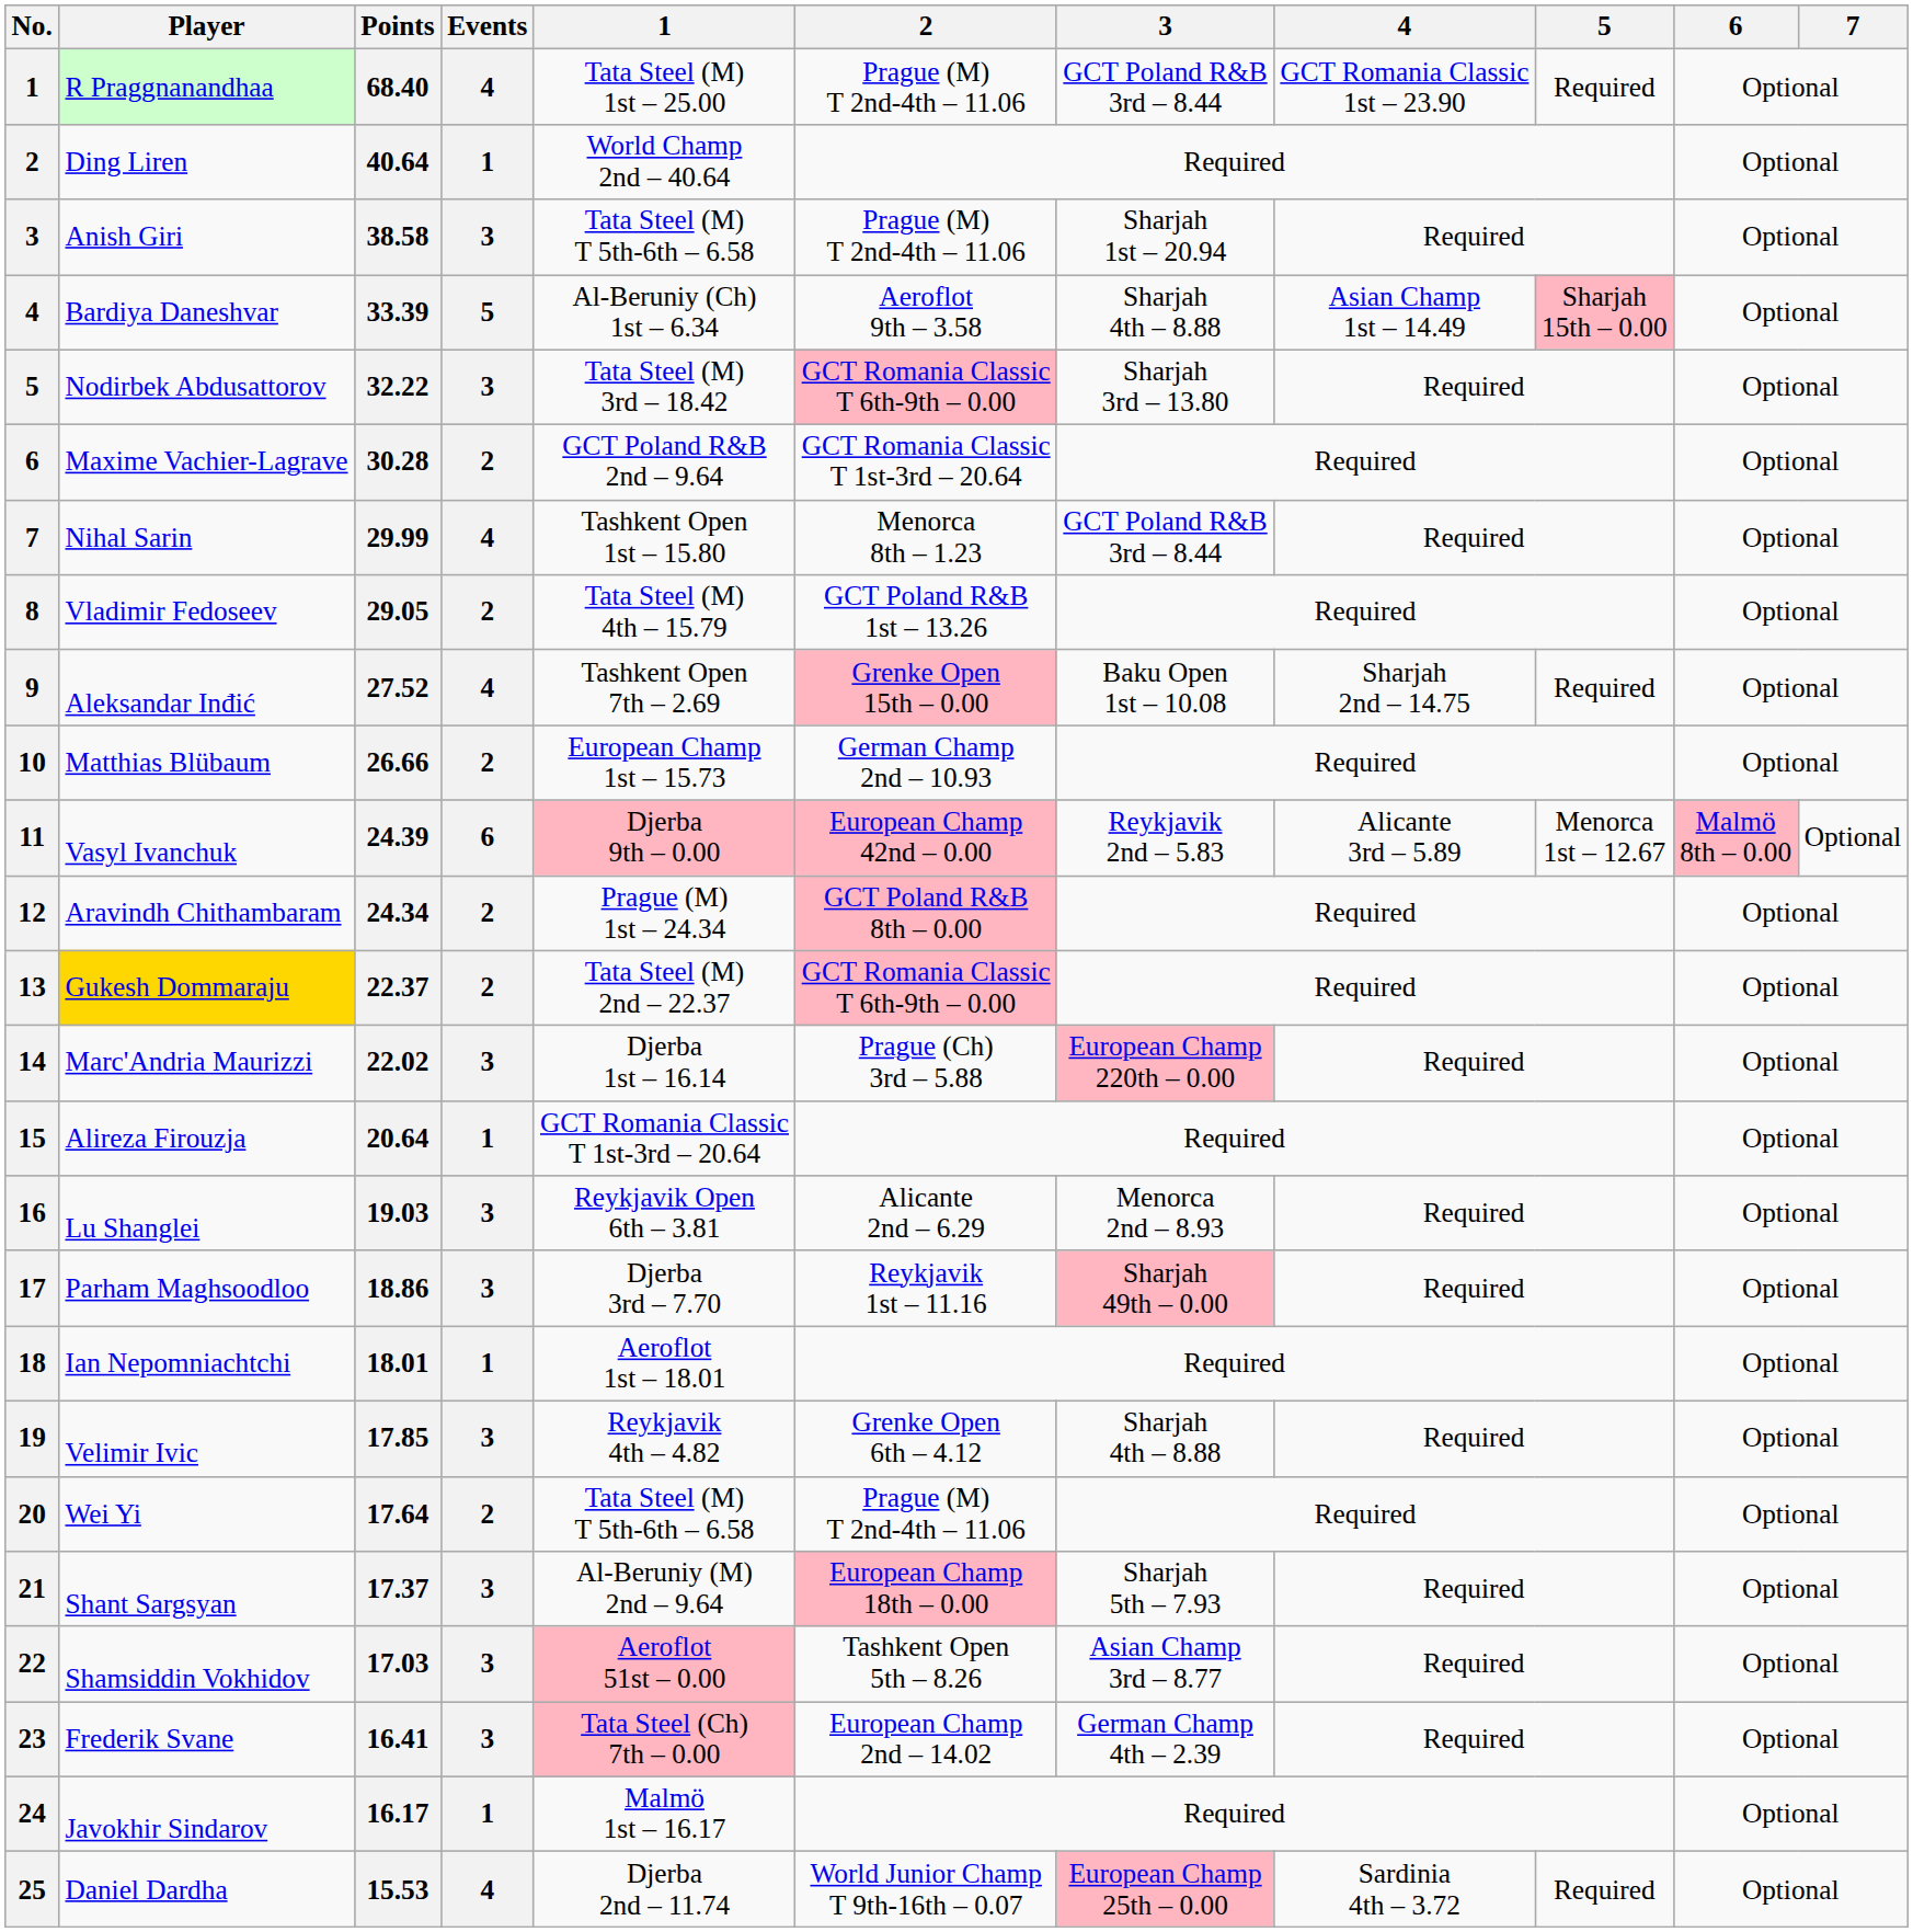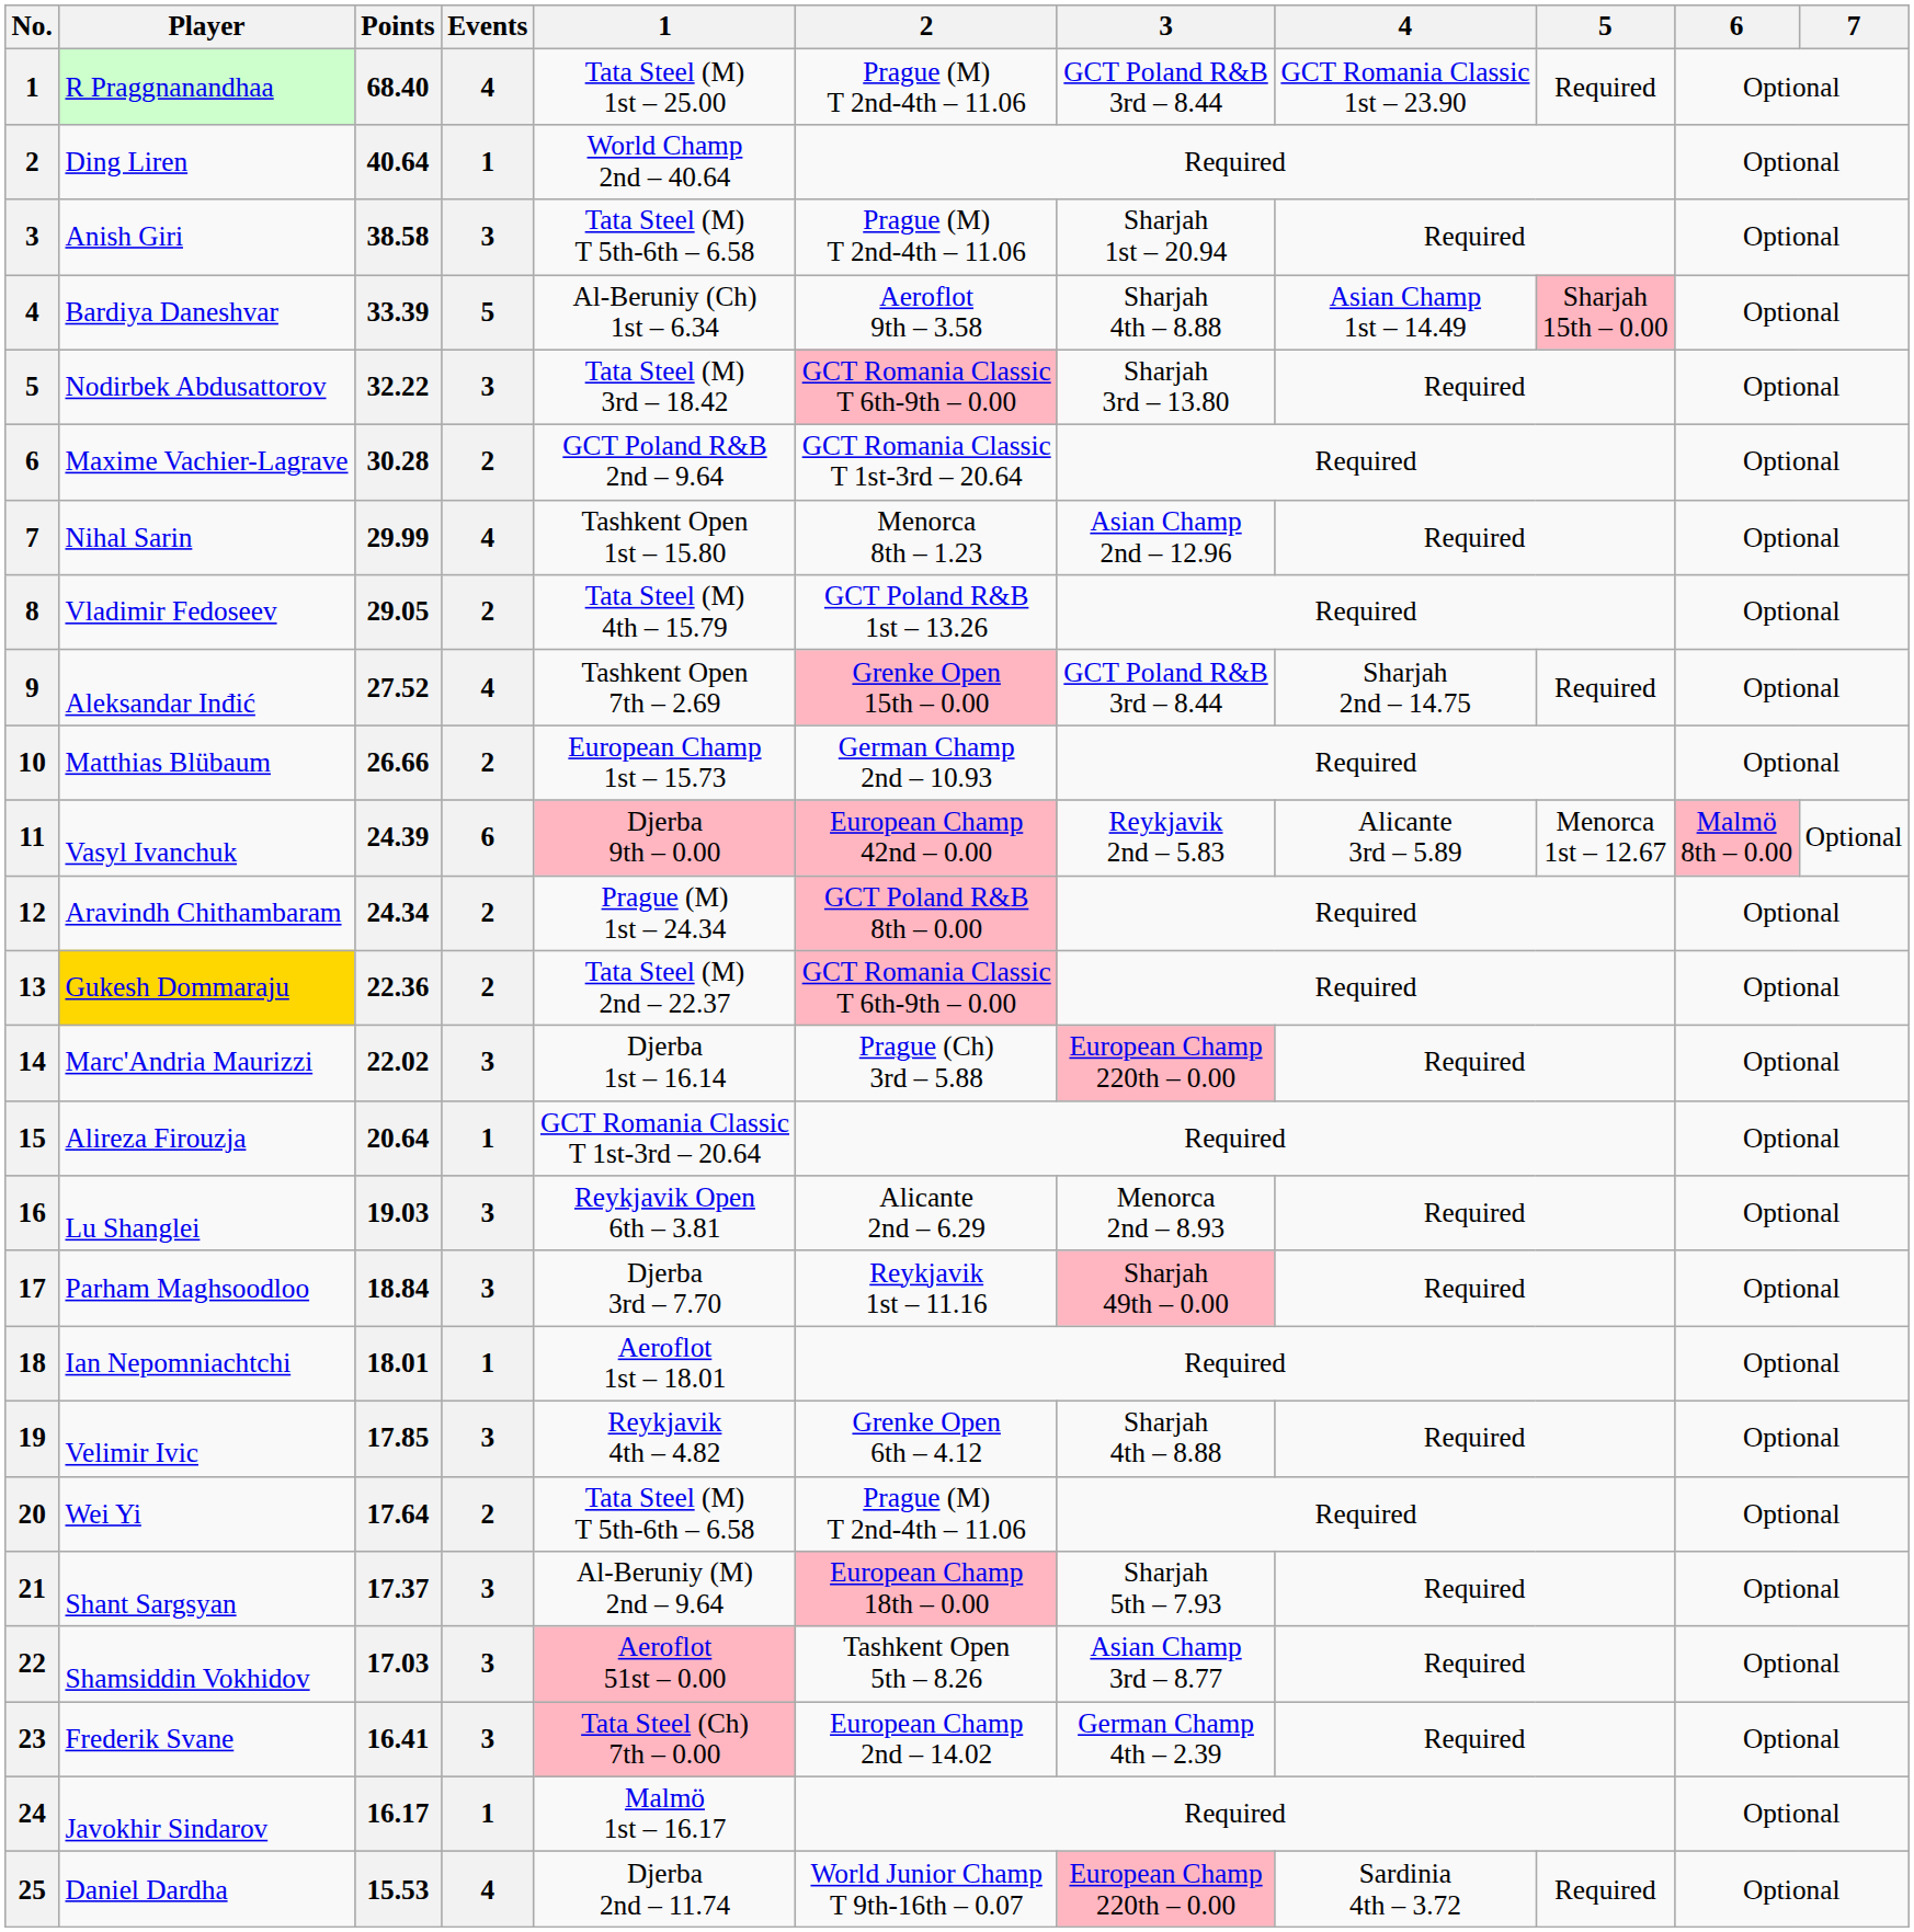 <table class="wikitable" style="text-align:center">
 <tr>
 <th>No.</th>
 <th>Player</th>
 <th>Points</th>
 <th>Events</th>
 <th>1</th>
 <th>2</th>
 <th>3</th>
 <th>4</th>
 <th>5</th>
 <th>6</th>
 <th>7</th>
 </tr>
 <tr>
 <th>1</th>
 <td style="text-align:left;background:#ccffcc"> <a href='#'>R Praggnanandhaa</a></td>
 <th>68.40</th>
 <th>4</th>
 <td> <a href='#'>Tata Steel</a> (M)<br><span>1st – 25.00</span></td>
 <td> <a href='#'>Prague</a> (M)<br><span>T 2nd-4th – 11.06 <br></span></td>
 <td> <a href='#'>GCT Poland R&B</a> <br><span>3rd – 8.44 <br></span></td>
 <td> <a href='#'>GCT Romania Classic</a> <br><span>1st – 23.90 <br></span></td>
 <td colspan="1">Required</td>
 <td colspan="2">Optional</td>
 </tr>
 <tr>
 <th>2</th>
 <td style="text-align:left;"> <a href='#'>Ding Liren</a></td>
 <th>40.64</th>
 <th>1</th>
 <td> <a href='#'>World Champ</a><br><span>2nd – 40.64</span></td>
 <td colspan="4">Required</td>
 <td colspan="2">Optional</td>
 </tr>
 <tr>
 <th>3</th>
 <td style="text-align:left"> <a href='#'>Anish Giri</a></td>
 <th>38.58</th>
 <th>3</th>
 <td> <a href='#'>Tata Steel</a> (M)<br><span>T 5th-6th – 6.58<br></span></td>
 <td> <a href='#'>Prague</a> (M)<br><span>T 2nd-4th – 11.06<br></span></td>
 <td> Sharjah <br><span>1st – 20.94<br></span></td>
 <td colspan="2">Required</td>
 <td colspan="2">Optional</td>
 </tr>
 <tr>
 <th>4</th>
 <td style="text-align:left"> <a href='#'>Bardiya Daneshvar</a></td>
 <th>33.39</th>
 <th>5</th>
 <td> Al-Beruniy (Ch)<br><span>1st – 6.34</span></td>
 <td> <a href='#'>Aeroflot</a><br><span>9th – 3.58</span></td>
 <td> Sharjah <br><span>4th – 8.88<br></span></td>
 <td> <a href='#'>Asian Champ</a><br><span>1st – 14.49<br></span></td>
 <td style="background:#ffb6c1"> Sharjah <br><span>15th – 0.00<br></span></td>
 <td colspan="2">Optional</td>
 </tr>
 <tr>
 <th>5</th>
 <td style="text-align:left"> <a href='#'>Nodirbek Abdusattorov</a></td>
 <th>32.22</th>
 <th>3</th>
 <td> <a href='#'>Tata Steel</a> (M)<br><span>3rd – 18.42</span></td>
 <td style="background:#ffb6c1"> <a href='#'>GCT Romania Classic</a> <br><span>T 6th-9th – 0.00<br></span></td>
 <td> Sharjah <br><span>3rd – 13.80<br></span></td>
 <td colspan="2">Required</td>
 <td colspan="2">Optional</td>
 </tr>
 <tr>
 <th>6</th>
 <td style="text-align:left"> <a href='#'>Maxime Vachier-Lagrave</a></td>
 <th>30.28</th>
 <th>2</th>
 <td> <a href='#'>GCT Poland R&B</a> <br><span>2nd – 9.64 <br></span></td>
 <td> <a href='#'>GCT Romania Classic</a> <br><span>T 1st-3rd – 20.64 <br></span></td>
 <td colspan="3">Required</td>
 <td colspan="2">Optional</td>
 </tr>
 <tr>
 <th>7</th>
 <td style="text-align:left"> <a href='#'>Nihal Sarin</a></td>
 <th>29.99</th>
 <th>4</th>
 <td> Tashkent Open <br><span>1st – 15.80</span></td>
 <td> Menorca<br><span>8th – 1.23</span></td>
-<td> <a href='#'>GCT Poland R&B</a> <br><span>3rd – 8.44 <br></span></td>
+<td> <a href='#'>Asian Champ</a><br><span>2nd – 12.96<br></span></td>
 <td colspan="2">Required</td>
 <td colspan="2">Optional</td>
 </tr>
 <tr>
 <th>8</th>
 <td style="text-align:left"> <a href='#'>Vladimir Fedoseev</a></td>
 <th>29.05</th>
 <th>2</th>
 <td> <a href='#'>Tata Steel</a> (M)<br><span>4th – 15.79</span></td>
 <td> <a href='#'>GCT Poland R&B</a> <br><span>1st – 13.26<br></span></td>
 <td colspan="3">Required</td>
 <td colspan="2">Optional</td>
 </tr>
 <tr>
 <th>9</th>
 <td style="text-align:left"><br> <a href='#'>Aleksandar Inđić</a></td>
 <th>27.52</th>
 <th>4</th>
 <td> Tashkent Open <br><span>7th – 2.69</span></td>
 <td style="background:#ffb6c1"> <a href='#'>Grenke Open</a><br><span>15th – 0.00</span></td>
-<td> Baku Open <br><span>1st – 10.08<br></span></td>
+<td> <a href='#'>GCT Poland R&B</a> <br><span>3rd – 8.44 <br></span></td>
 <td> Sharjah <br><span>2nd – 14.75<br></span></td>
 <td colspan="1">Required</td>
 <td colspan="2">Optional</td>
 </tr>
 <tr>
 <th>10</th>
 <td style="text-align:left"> <a href='#'>Matthias Blübaum</a></td>
 <th>26.66</th>
 <th>2</th>
 <td> <a href='#'> European Champ</a> <br><span>1st – 15.73</span></td>
 <td> <a href='#'>German Champ</a><br><span>2nd – 10.93<br></span></td>
 <td colspan="3">Required</td>
 <td colspan="2">Optional</td>
 </tr>
 <tr>
 <th>11</th>
 <td style="text-align:left"><br> <a href='#'>Vasyl Ivanchuk</a></td>
 <th>24.39</th>
 <th>6</th>
 <td style="background:#ffb6c1"> Djerba <br><span>9th – 0.00</span></td>
 <td style="background:#ffb6c1"> <a href='#'> European Champ</a> <br><span>42nd – 0.00</span></td>
 <td> <a href='#'>Reykjavik</a><br><span>2nd – 5.83</span></td>
 <td> Alicante<br><span>3rd – 5.89</span></td>
 <td> Menorca<br><span>1st – 12.67</span></td>
 <td style="background:#ffb6c1"> <a href='#'>Malmö</a> <br><span>8th – 0.00<br></span></td>
 <td colspan="1">Optional</td>
 </tr>
 <tr>
 <th>12</th>
 <td style="text-align:left"> <a href='#'>Aravindh Chithambaram</a></td>
 <th>24.34</th>
 <th>2</th>
 <td> <a href='#'>Prague</a> (M)<br><span>1st – 24.34</span></td>
 <td style="background:#ffb6c1"> <a href='#'>GCT Poland R&B</a> <br><span>8th – 0.00<br></span></td>
 <td colspan="3">Required</td>
 <td colspan="2">Optional</td>
 </tr>
 <tr>
 <th>13</th>
 <td style="text-align:left;background:gold"> <a href='#'>Gukesh Dommaraju</a></td>
-<th>22.37</th>
+<th>22.36</th>
 <th>2</th>
 <td> <a href='#'>Tata Steel</a> (M)<br><span>2nd – 22.37</span></td>
 <td style="background:#ffb6c1"> <a href='#'>GCT Romania Classic</a> <br><span>T 6th-9th – 0.00<br></span></td>
 <td colspan="3">Required</td>
 <td colspan="2">Optional</td>
 </tr>
 <tr>
 <th>14</th>
 <td style="text-align:left"> <a href='#'>Marc'Andria Maurizzi</a></td>
 <th>22.02</th>
 <th>3</th>
 <td> Djerba<br><span>1st – 16.14</span></td>
 <td> <a href='#'>Prague</a> (Ch)<br><span>3rd – 5.88</span></td>
 <td style="background:#ffb6c1"> <a href='#'> European Champ</a> <br><span>220th – 0.00</span></td>
 <td colspan="2">Required</td>
 <td colspan="2">Optional</td>
 </tr>
 <tr>
 <th>15</th>
 <td style="text-align:left"> <a href='#'>Alireza Firouzja</a></td>
 <th>20.64</th>
 <th>1</th>
 <td> <a href='#'>GCT Romania Classic</a> <br><span>T 1st-3rd – 20.64 <br></span></td>
 <td colspan="4">Required</td>
 <td colspan="2">Optional</td>
 </tr>
 <tr>
 <th>16</th>
 <td style="text-align:left"><br> <a href='#'>Lu Shanglei</a></td>
 <th>19.03</th>
 <th>3</th>
 <td> <a href='#'>Reykjavik Open</a><br><span>6th – 3.81</span></td>
 <td> Alicante<br><span>2nd – 6.29</span></td>
 <td> Menorca<br><span>2nd – 8.93</span></td>
 <td colspan="2">Required</td>
 <td colspan="2">Optional</td>
 </tr>
 <tr>
 <th>17</th>
 <td style="text-align:left"> <a href='#'>Parham Maghsoodloo</a></td>
-<th>18.86</th>
+<th>18.84</th>
 <th>3</th>
 <td> Djerba<br><span>3rd – 7.70</span></td>
 <td> <a href='#'>Reykjavik</a> <br><span>1st – 11.16</span></td>
 <td style="background:#ffb6c1"> Sharjah <br><span>49th – 0.00<br></span></td>
 <td colspan="2">Required</td>
 <td colspan="2">Optional</td>
 </tr>
 <tr>
 <th>18</th>
 <td style="text-align:left"> <a href='#'>Ian Nepomniachtchi</a></td>
 <th>18.01</th>
 <th>1</th>
 <td> <a href='#'>Aeroflot</a><br><span>1st – 18.01</span></td>
 <td colspan="4">Required</td>
 <td colspan="2">Optional</td>
 </tr>
 <tr>
 <th>19</th>
 <td style="text-align:left"><br> <a href='#'>Velimir Ivic</a></td>
 <th>17.85</th>
 <th>3</th>
 <td> <a href='#'>Reykjavik</a> <br><span>4th – 4.82</span></td>
 <td> <a href='#'>Grenke Open</a><br><span>6th – 4.12</span></td>
 <td> Sharjah <br><span>4th – 8.88<br></span></td>
 <td colspan="2">Required</td>
 <td colspan="2">Optional</td>
 </tr>
 <tr>
 <th>20</th>
 <td style="text-align:left"> <a href='#'>Wei Yi</a></td>
 <th>17.64</th>
 <th>2</th>
 <td> <a href='#'>Tata Steel</a> (M)<br><span>T 5th-6th – 6.58<br></span></td>
 <td> <a href='#'>Prague</a> (M)<br><span>T 2nd-4th – 11.06<br></span></td>
 <td colspan="3">Required</td>
 <td colspan="2">Optional</td>
 </tr>
 <tr>
 <th>21</th>
 <td style="text-align:left"><br> <a href='#'>Shant Sargsyan</a></td>
 <th>17.37</th>
 <th>3</th>
 <td> Al-Beruniy (M)<br><span>2nd – 9.64</span></td>
 <td style="background:#ffb6c1"> <a href='#'> European Champ</a> <br><span>18th – 0.00</span></td>
 <td> Sharjah<br><span>5th – 7.93</span></td>
 <td colspan="2">Required</td>
 <td colspan="2">Optional</td>
 </tr>
 <tr>
 <th>22</th>
 <td style="text-align:left"><br> <a href='#'>Shamsiddin Vokhidov</a></td>
 <th>17.03</th>
 <th>3</th>
 <td style="background:#ffb6c1"> <a href='#'>Aeroflot</a><br><span>51st – 0.00</span></td>
 <td> Tashkent Open<br><span>5th – 8.26</span></td>
 <td> <a href='#'>Asian Champ</a><br><span>3rd – 8.77 <br></span></td>
 <td colspan="2">Required</td>
 <td colspan="2">Optional</td>
 </tr>
 <tr>
 <th>23</th>
 <td style="text-align:left"> <a href='#'>Frederik Svane</a></td>
 <th>16.41</th>
 <th>3</th>
 <td style="background:#ffb6c1"> <a href='#'>Tata Steel</a> (Ch)<br><span>7th – 0.00<br></span></td>
 <td> <a href='#'> European Champ</a> <br><span>2nd – 14.02</span></td>
 <td> <a href='#'>German Champ</a><br><span>4th – 2.39<br></span></td>
 <td colspan="2">Required</td>
 <td colspan="2">Optional</td>
 </tr>
 <tr>
 <th>24</th>
 <td style="text-align:left"><br> <a href='#'>Javokhir Sindarov</a></td>
 <th>16.17</th>
 <th>1</th>
 <td> <a href='#'>Malmö</a><br><span>1st – 16.17</span></td>
 <td colspan="4">Required</td>
 <td colspan="2">Optional</td>
 </tr>
 <tr>
 <th>25</th>
 <td style="text-align:left"> <a href='#'>Daniel Dardha</a></td>
 <th>15.53</th>
 <th>4</th>
 <td> Djerba<br><span>2nd – 11.74</span></td>
 <td> <a href='#'>World Junior Champ</a><br><span>T 9th-16th – 0.07<br></span></td>
-<td style="background:#ffb6c1"> <a href='#'> European Champ</a> <br><span>25th – 0.00</span></td>
+<td style="background:#ffb6c1"> <a href='#'> European Champ</a> <br><span>220th – 0.00</span></td>
 <td> Sardinia <br><span>4th – 3.72</span></td>
 <td colspan="1">Required</td>
 <td colspan="2">Optional</td>
 </tr>
 <tr>
 </tr>
 </table>
